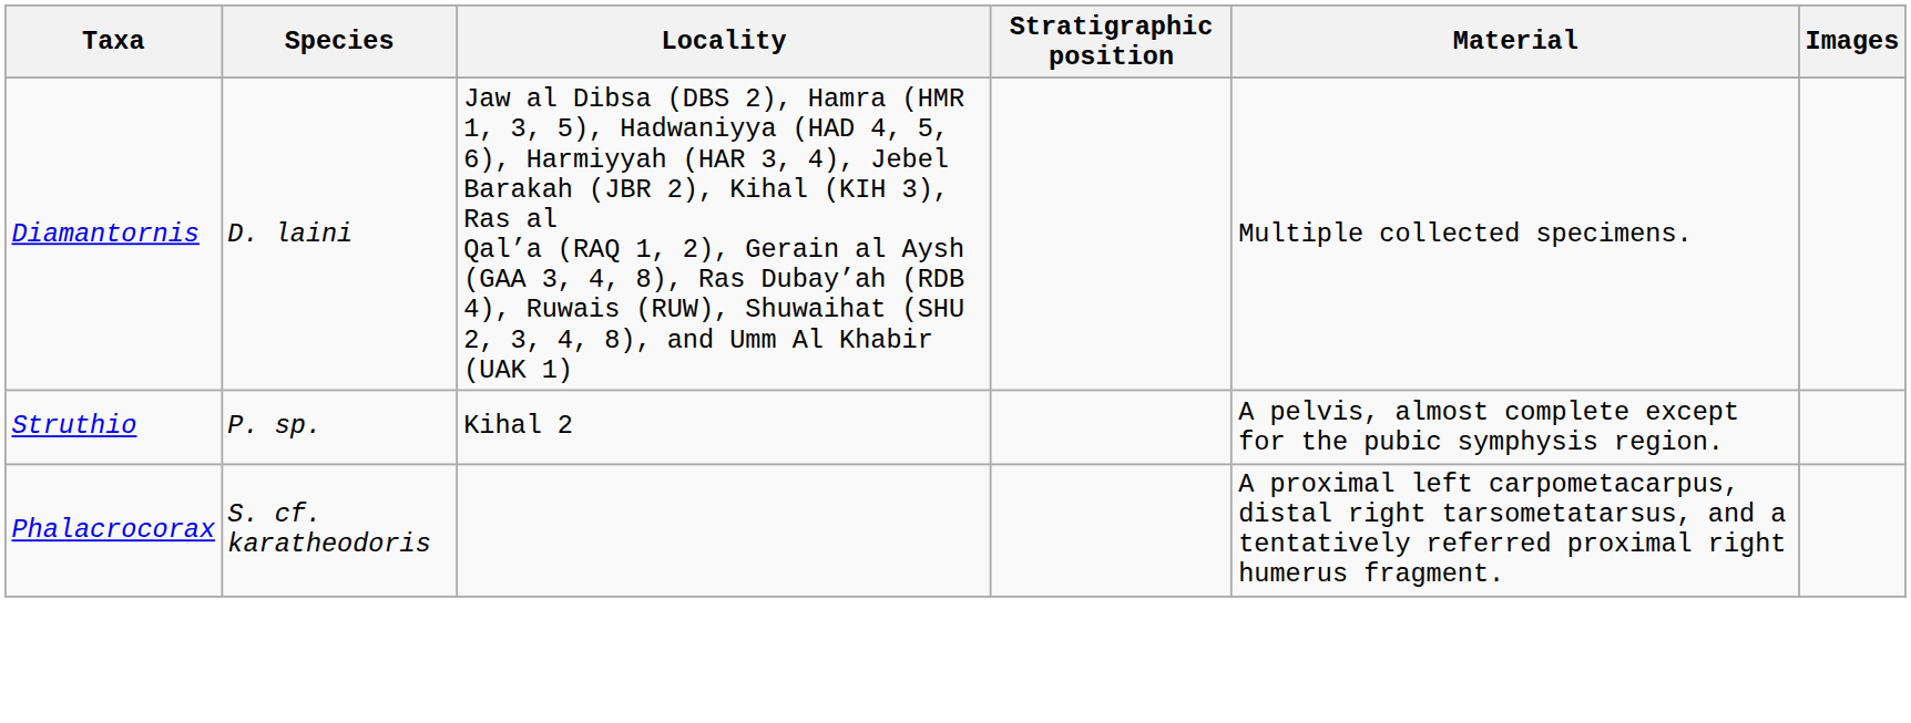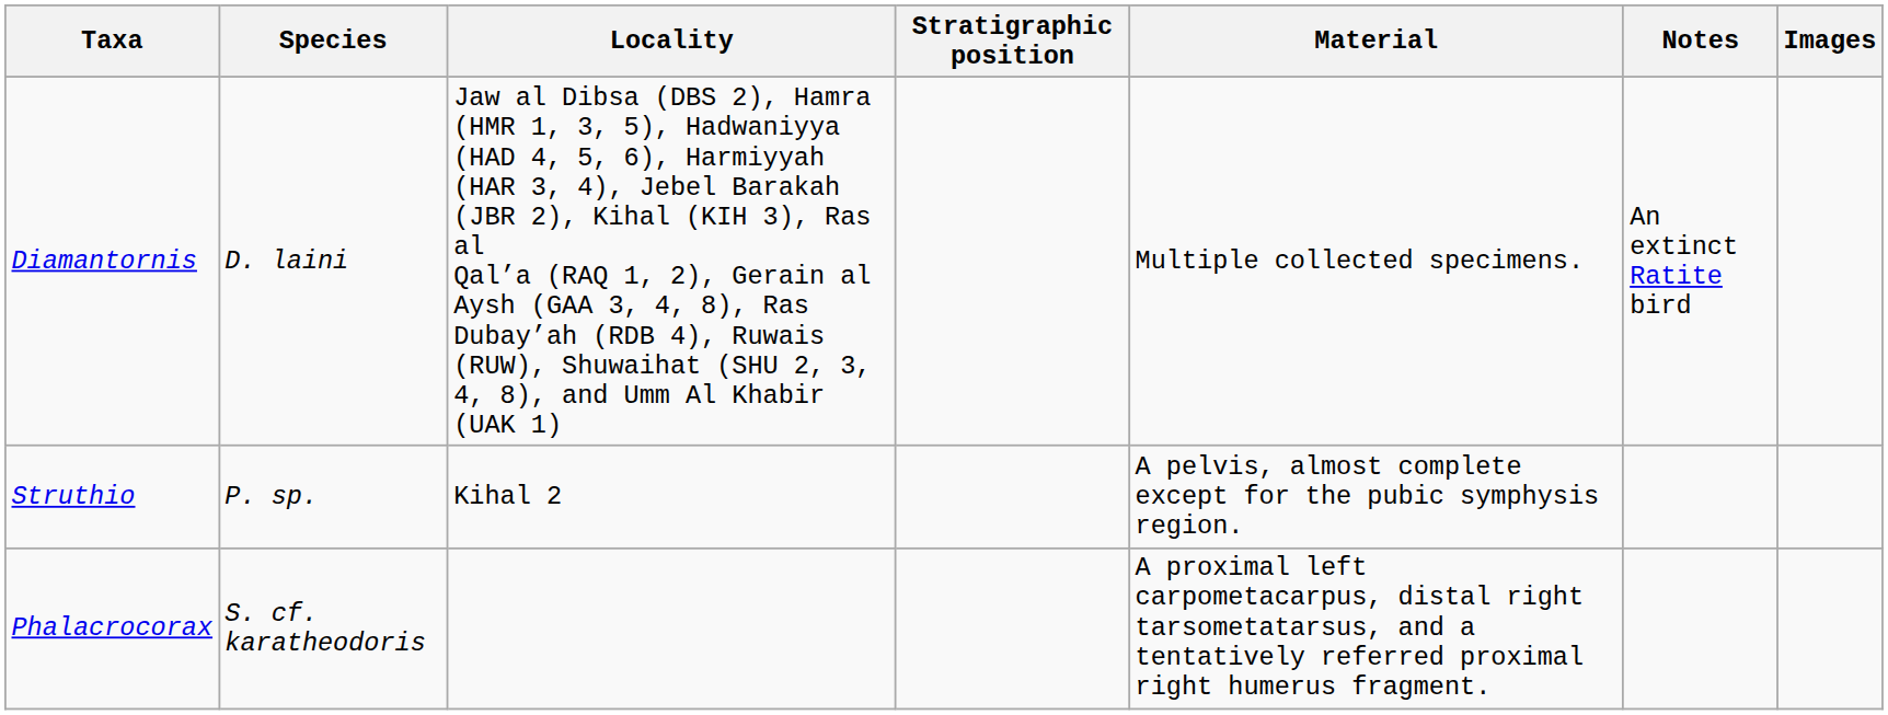 <table class="wikitable sortable" align="center" width="75%">
 <tr>
 <th>Taxa</th>
 <th>Species</th>
 <th>Locality</th>
 <th>Stratigraphic position</th>
 <th>Material</th>
+<th>Notes</th>
 <th>Images</th>
 </tr>
 <tr>
 <td><em><a href='#'>Diamantornis</a></em></td>
 <td><em>D. laini</em></td>
 <td>Jaw al Dibsa (DBS 2), Hamra (HMR 1, 3, 5), Hadwaniyya (HAD 4, 5, 6), Harmiyyah (HAR 3, 4), Jebel Barakah (JBR 2), Kihal (KIH 3), Ras al<br>Qal’a (RAQ 1, 2), Gerain al Aysh (GAA 3, 4, 8), Ras Dubay’ah (RDB 4), Ruwais (RUW), Shuwaihat (SHU 2, 3, 4, 8), and Umm Al Khabir (UAK 1)</td>
 <td></td>
 <td>Multiple collected specimens.</td>
+<td>An extinct <a href='#'>Ratite</a> bird</td>
 <td></td>
 </tr>
 <tr>
 <td><em><a href='#'>Struthio</a></em></td>
 <td><em>P. sp.</em></td>
 <td>Kihal 2</td>
 <td></td>
 <td>A pelvis, almost complete except for the pubic symphysis region.</td>
 <td></td>
+<td></td>
 </tr>
 <tr>
 <td><em><a href='#'>Phalacrocorax</a></em></td>
 <td><em>S. cf. karatheodoris</em></td>
 <td></td>
 <td></td>
 <td>A proximal left carpometacarpus, distal right tarsometatarsus, and a tentatively referred proximal right humerus fragment.</td>
 <td></td>
+<td></td>
 </tr>
 </table>
